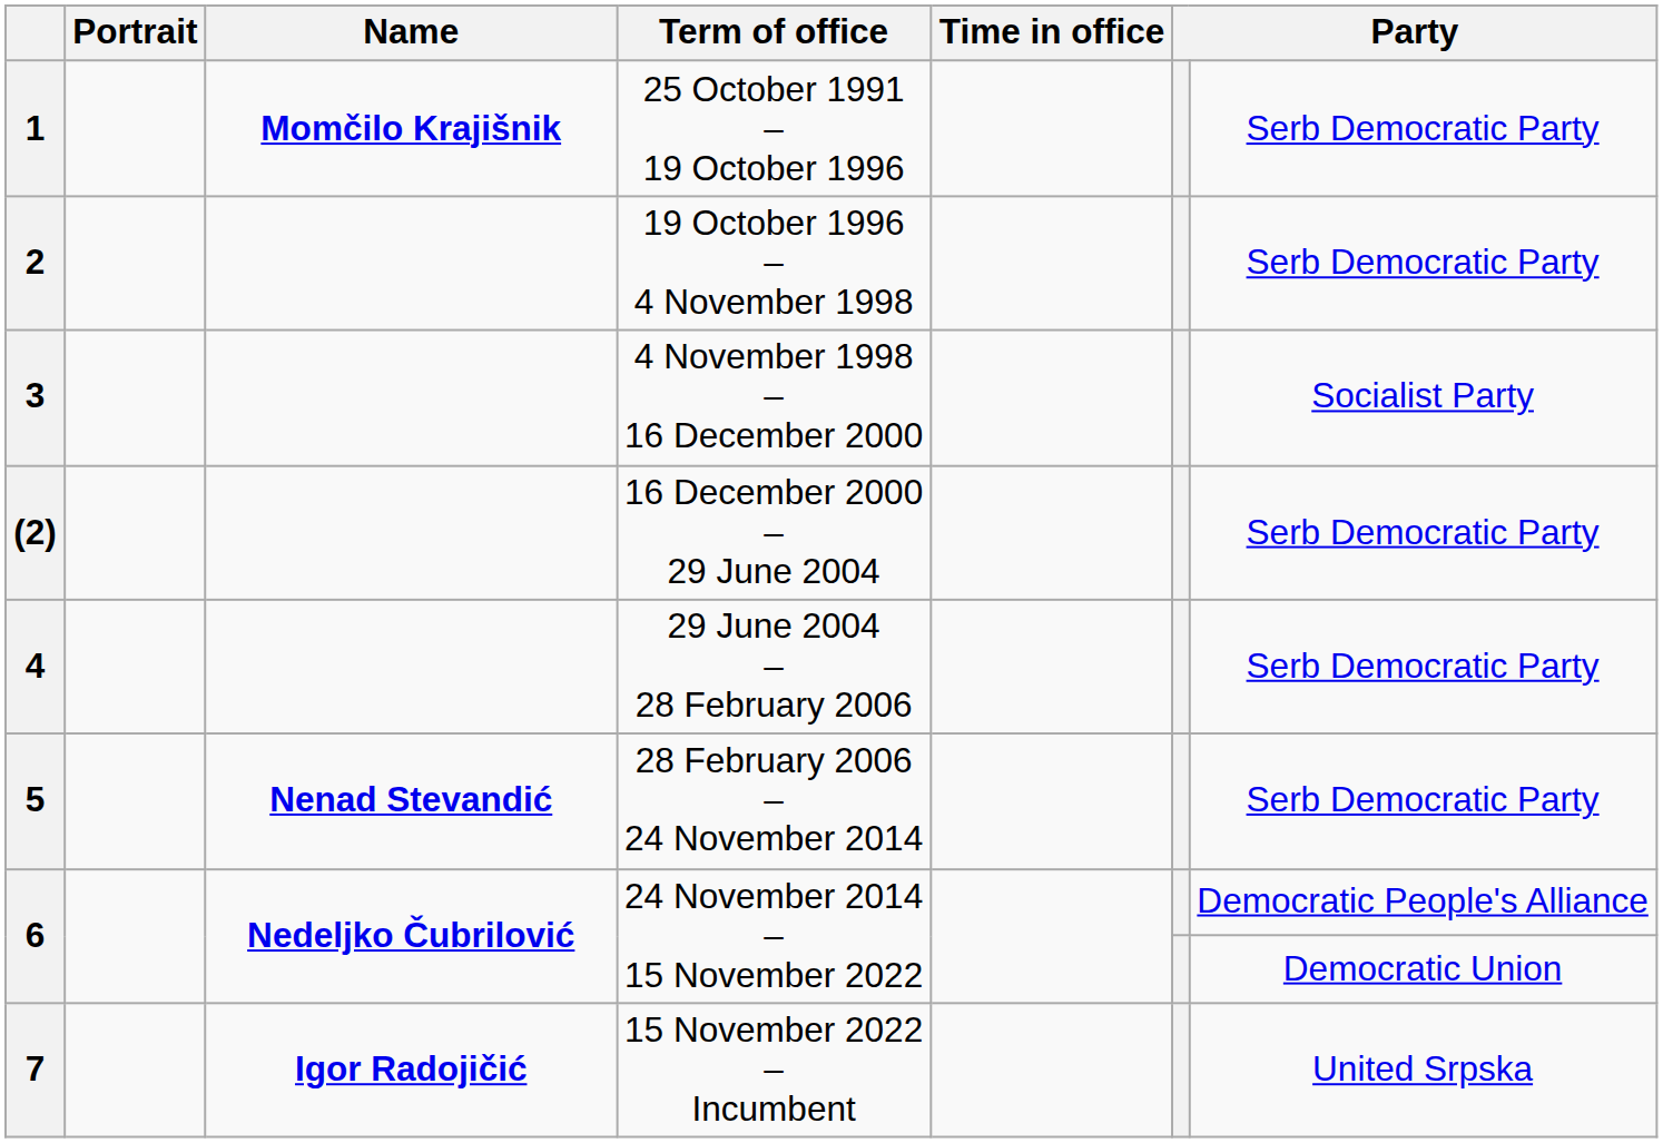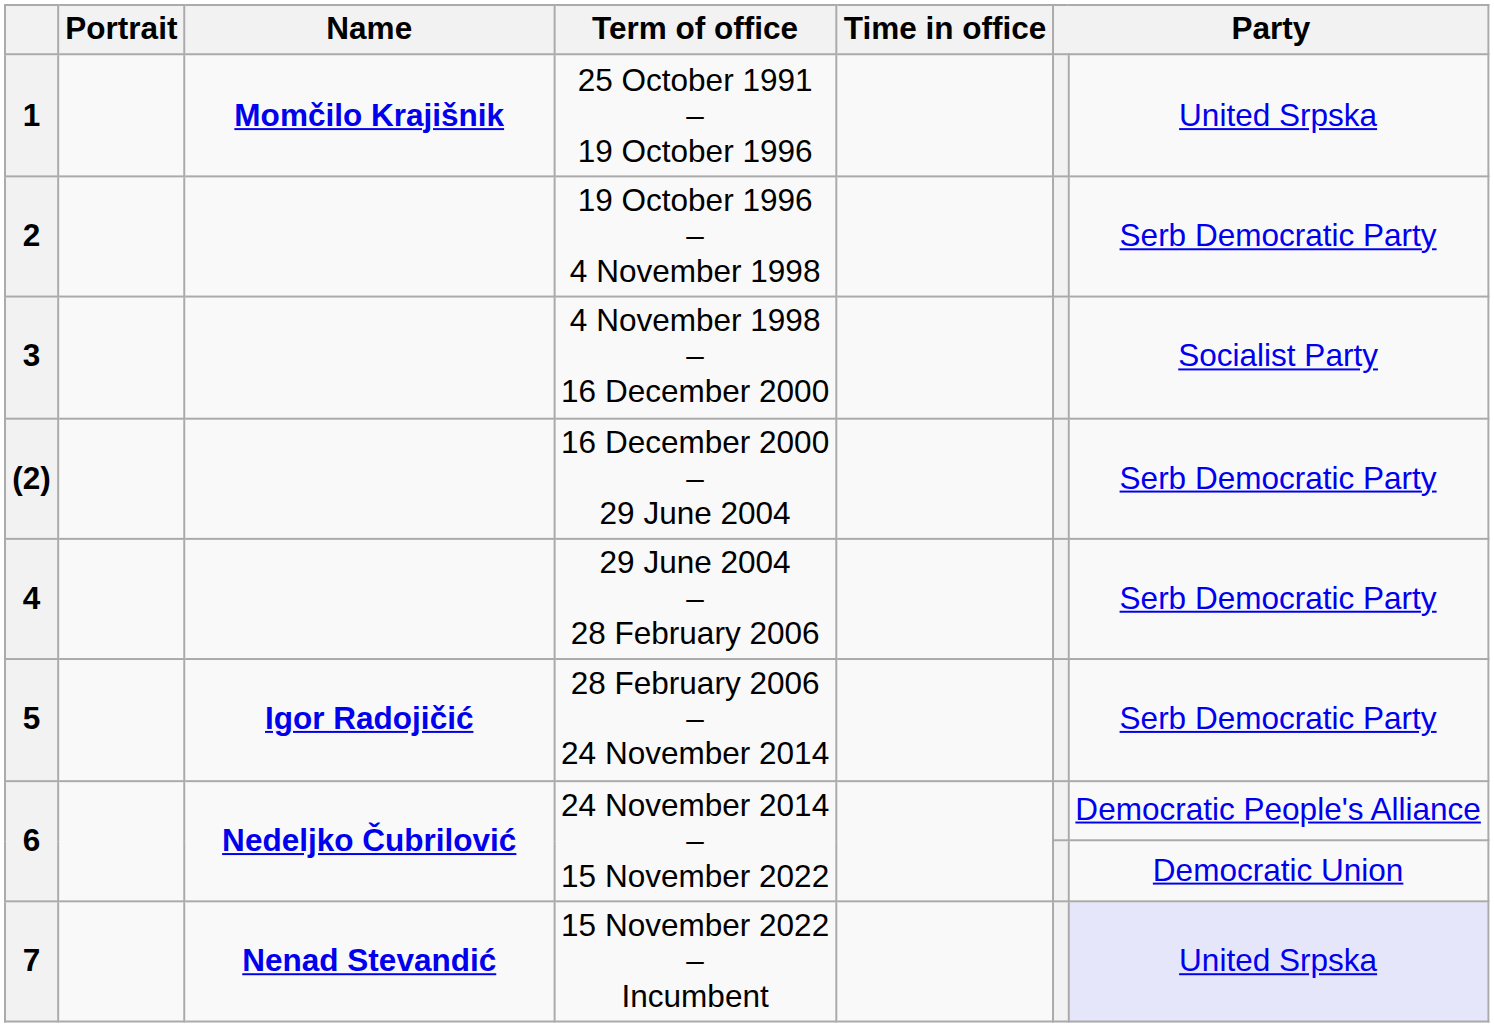 <table class="wikitable" style="text-align:center;">
 <tr>
 <th></th>
 <th>Portrait</th>
 <th width=180px>Name<br></th>
 <th>Term of office</th>
 <th>Time in office</th>
 <th colspan=2>Party</th>
 </tr>
 <tr>
 <th>1</th>
 <td></td>
 <td><strong><a href='#'>Momčilo Krajišnik</a></strong><br></td>
 <td>25 October 1991<br>–<br>19 October 1996</td>
 <td></td>
 <th style="background:"></th>
-<td><a href='#'>Serb Democratic Party</a></td>
+<td><a href='#'>United Srpska</a></td>
 </tr>
 <tr>
 <th>2</th>
 <td></td>
 <td><strong></strong><br></td>
 <td>19 October 1996<br>–<br>4 November 1998</td>
 <td></td>
 <th style="background:"></th>
 <td><a href='#'>Serb Democratic Party</a></td>
 </tr>
 <tr>
 <th>3</th>
 <td></td>
 <td><strong></strong><br></td>
 <td>4 November 1998<br>–<br>16 December 2000</td>
 <td></td>
 <th style="background:"></th>
 <td><a href='#'>Socialist Party</a></td>
 </tr>
 <tr>
 <th>(2)</th>
 <td></td>
 <td><strong></strong><br></td>
 <td>16 December 2000<br>–<br>29 June 2004</td>
 <td></td>
 <th style="background:"></th>
 <td><a href='#'>Serb Democratic Party</a></td>
 </tr>
 <tr>
 <th>4</th>
 <td></td>
 <td><strong></strong><br></td>
 <td>29 June 2004<br>–<br>28 February 2006</td>
 <td></td>
 <th style="background:"></th>
 <td><a href='#'>Serb Democratic Party</a></td>
 </tr>
 <tr>
 <th>5</th>
 <td></td>
-<td><strong><a href='#'>Nenad Stevandić</a></strong><br></td>
+<td><strong><a href='#'>Igor Radojičić</a></strong><br></td>
 <td>28 February 2006<br>–<br>24 November 2014</td>
 <td></td>
 <th style="background:"></th>
 <td><a href='#'>Serb Democratic Party</a></td>
 </tr>
 <tr>
 <th rowspan=2>6</th>
 <td rowspan=2></td>
 <td rowspan=2><strong><a href='#'>Nedeljko Čubrilović</a></strong><br></td>
 <td rowspan=2>24 November 2014<br>–<br>15 November 2022</td>
 <td rowspan=2></td>
 <th style="background:"></th>
 <td><a href='#'>Democratic People's Alliance</a><br></td>
 </tr>
 <tr>
 <th style="background:"></th>
 <td><a href='#'>Democratic Union</a><br></td>
 </tr>
 <tr>
 <th>7</th>
 <td></td>
-<td><strong><a href='#'>Igor Radojičić</a></strong><br></td>
+<td><strong><a href='#'>Nenad Stevandić</a></strong><br></td>
 <td>15 November 2022<br>–<br>Incumbent</td>
 <td></td>
 <th style="background:"></th>
-<td><a href='#'>United Srpska</a></td>
+<td style="background: lavender;"><a href='#'>United Srpska</a></td>
 </tr>
 </table>
